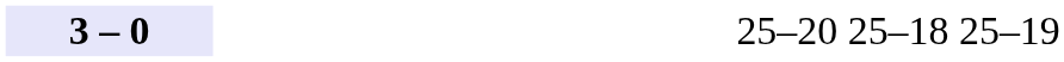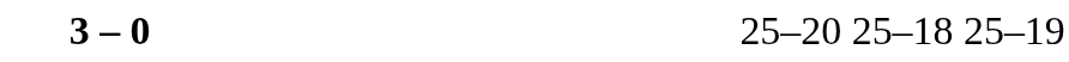 <table>
 <tr>
 <th width=200></th>
 <th width=80></th>
 <th width=200></th>
 <th width=220></th>
 </tr>
 <tr>
 <td align=right><strong></strong></td>
-<td align=center style="background: lavender;"><strong>3 – 0</strong></td>
+<td align=center><strong>3 – 0</strong></td>
 <td></td>
 <td>25–20 25–18 25–19</td>
 </tr>
 </table>
